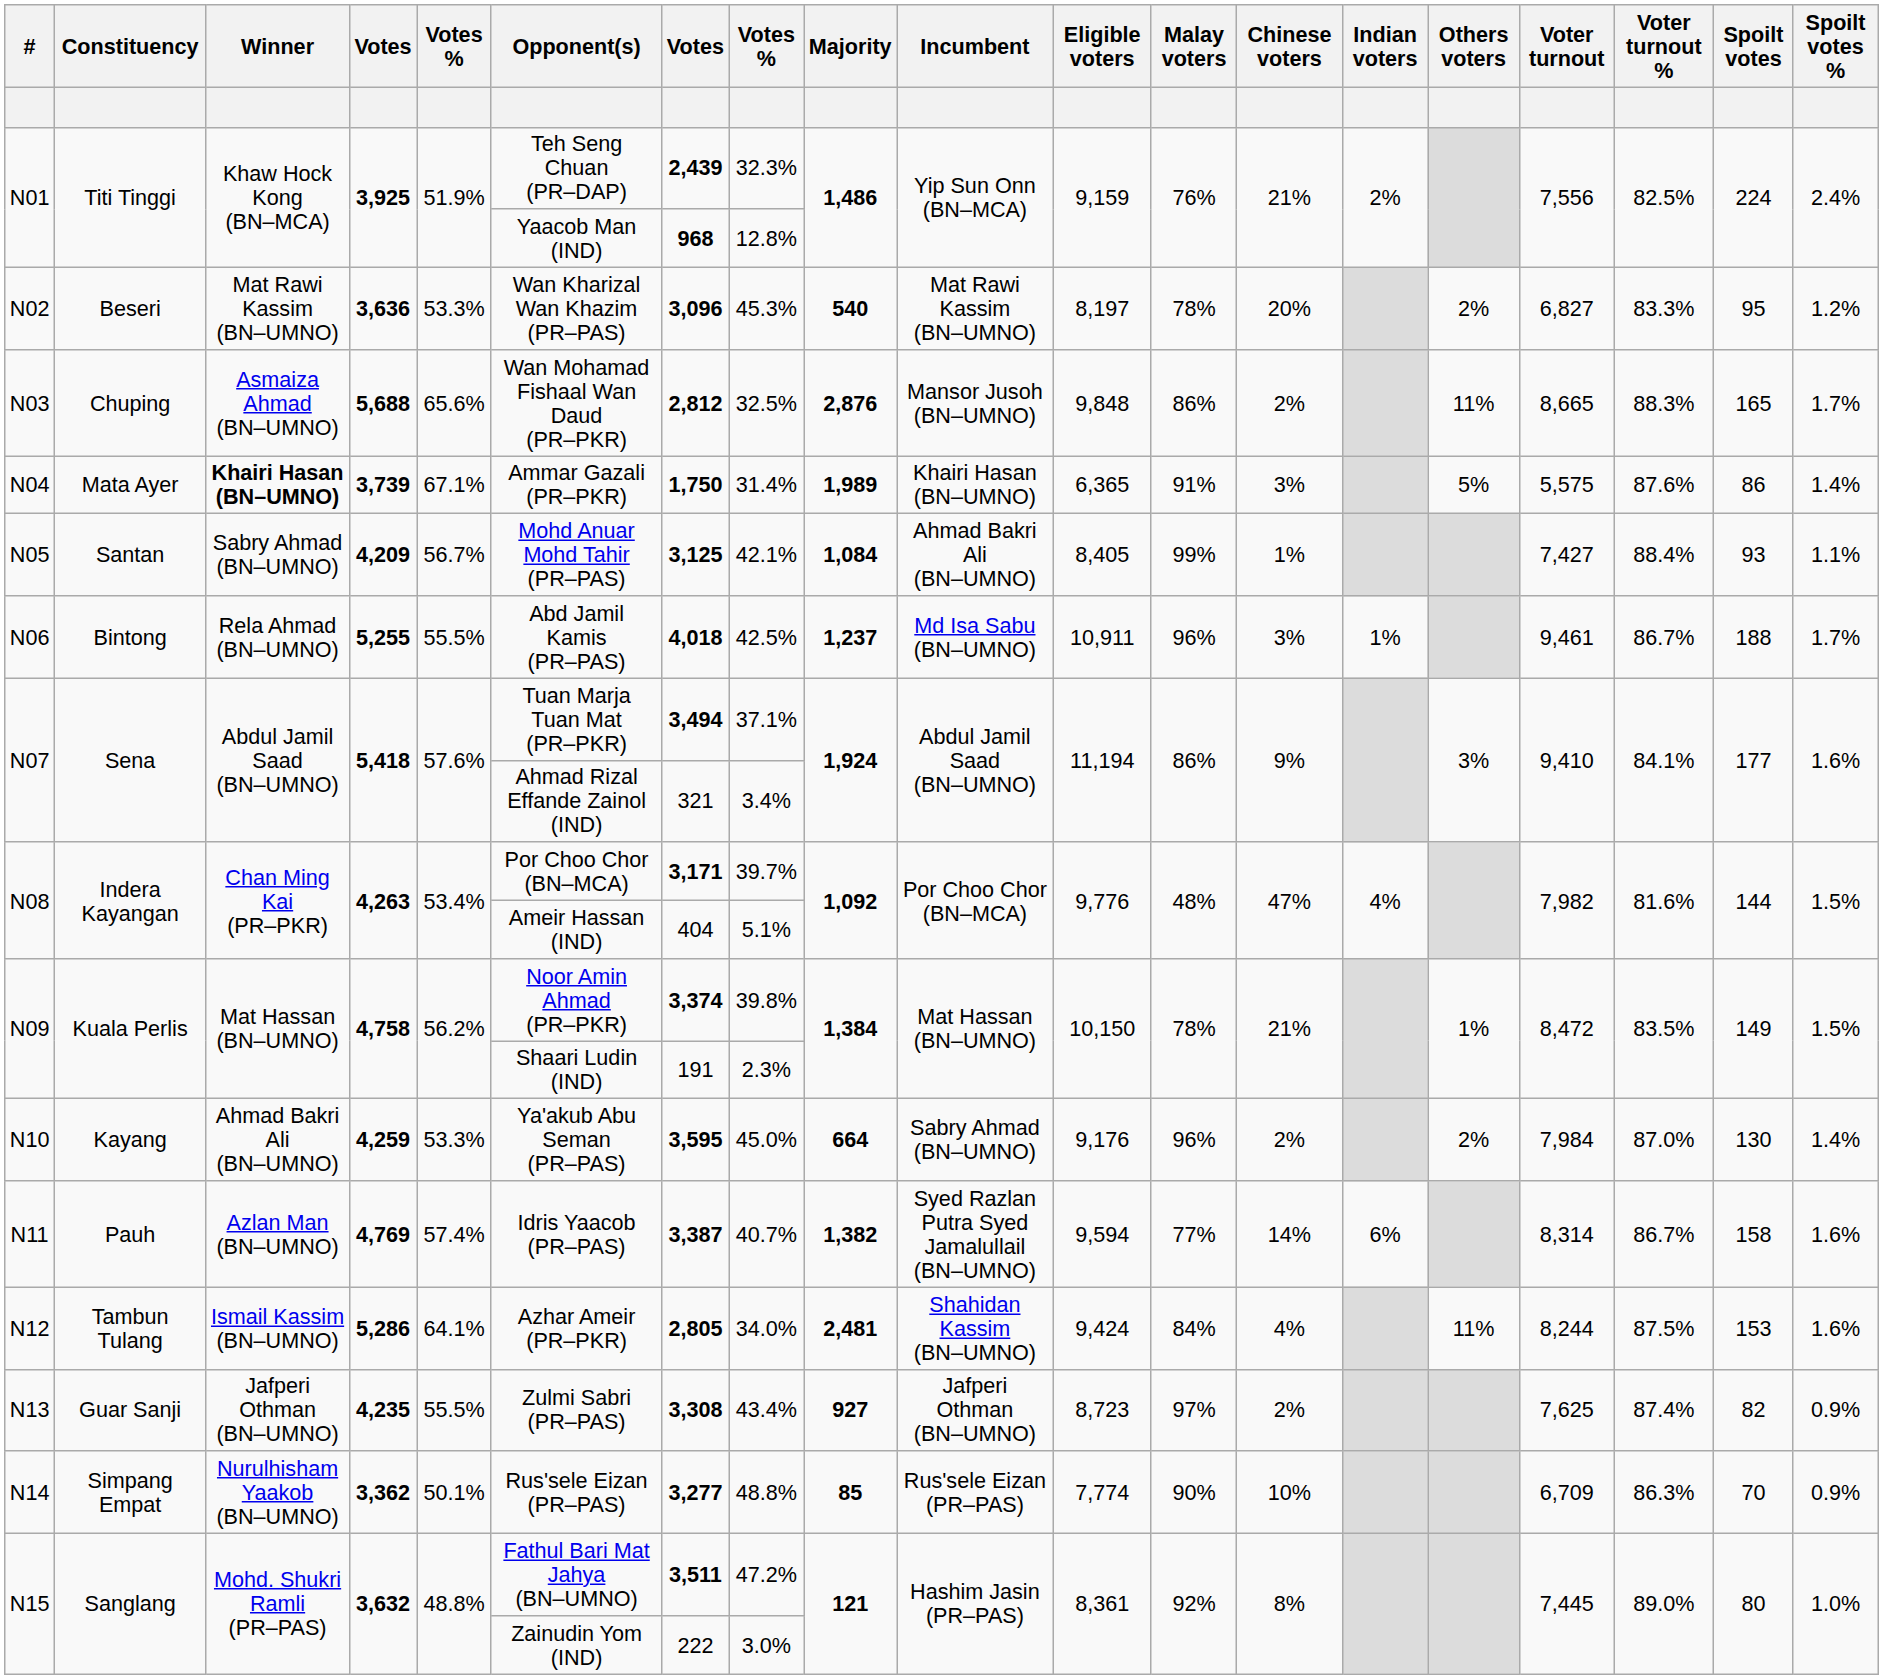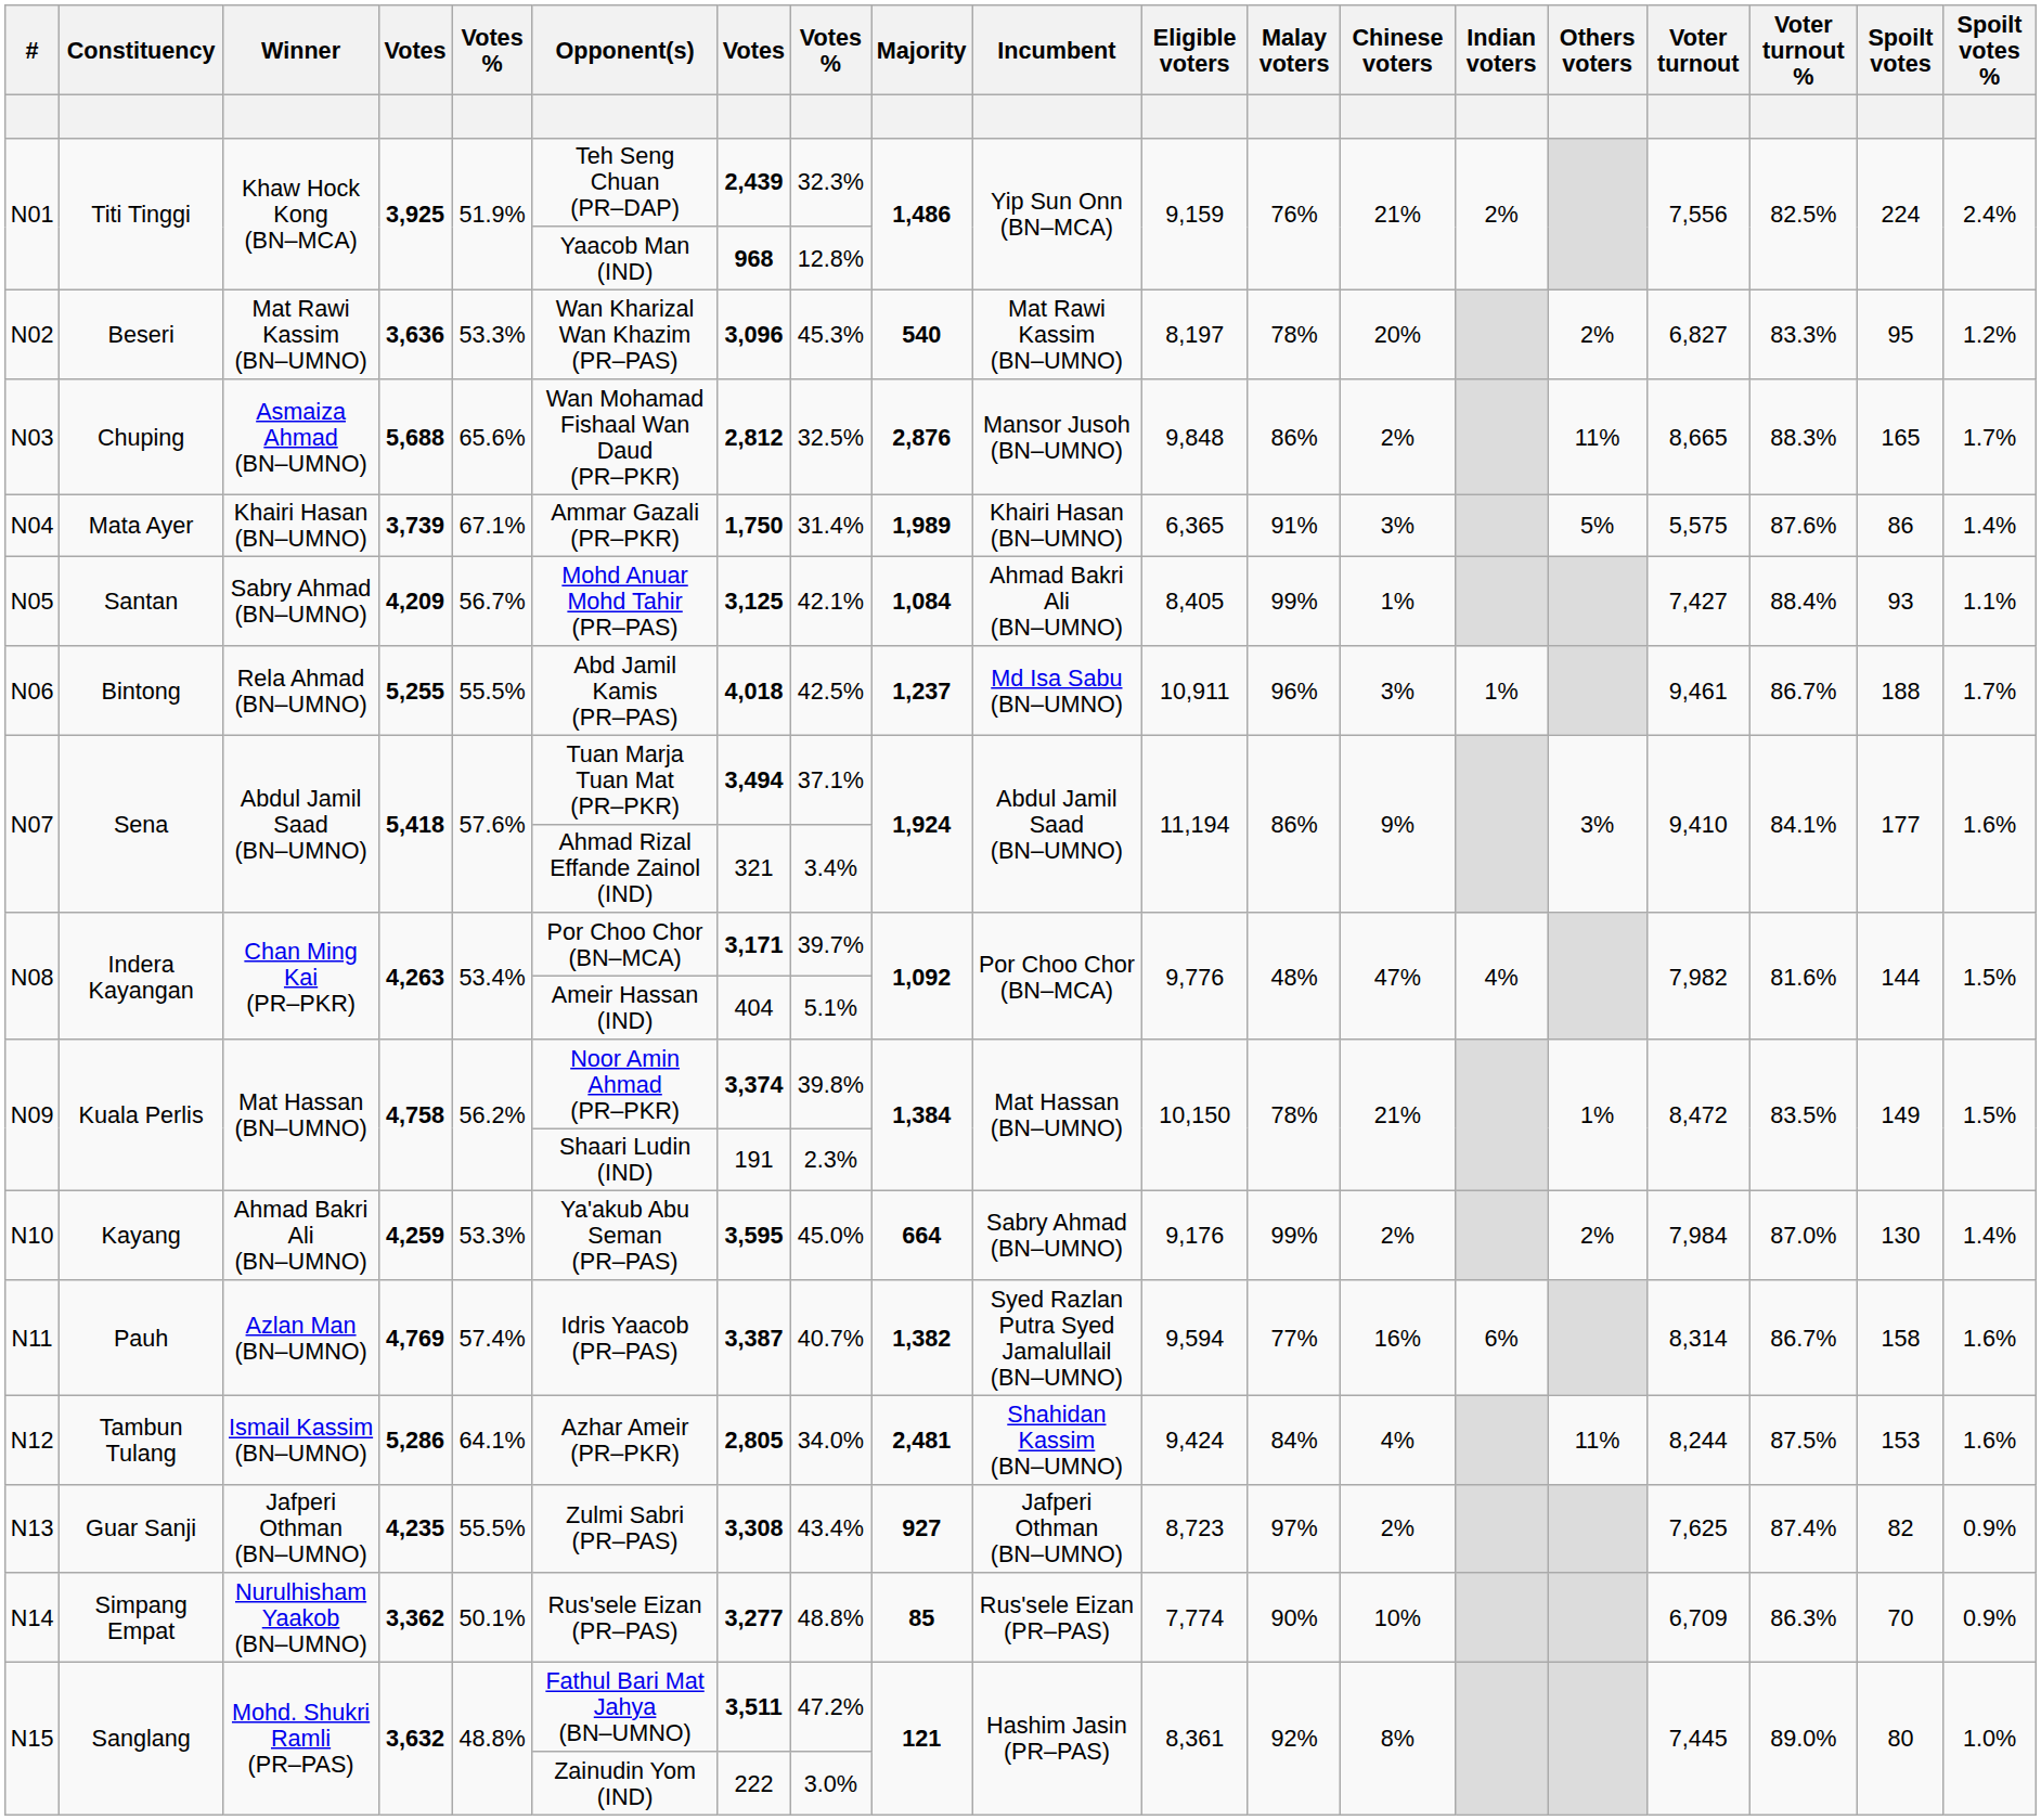 <table class="wikitable sortable" style="text-align:center; font-size:90%">
 <tr>
 <th>#</th>
 <th>Constituency</th>
 <th>Winner</th>
 <th>Votes</th>
 <th>Votes %</th>
 <th>Opponent(s)</th>
 <th>Votes</th>
 <th>Votes %</th>
 <th>Majority</th>
 <th>Incumbent</th>
 <th>Eligible voters</th>
 <th>Malay voters</th>
 <th>Chinese voters</th>
 <th>Indian voters</th>
 <th>Others voters</th>
 <th>Voter turnout</th>
 <th>Voter turnout %</th>
 <th>Spoilt votes</th>
 <th>Spoilt votes %</th>
 </tr>
 <tr>
 <th style="height:20px;"></th>
 <th></th>
 <th></th>
 <th></th>
 <th></th>
 <th></th>
 <th></th>
 <th></th>
 <th></th>
 <th></th>
 <th></th>
 <th></th>
 <th></th>
 <th></th>
 <th></th>
 <th></th>
 <th></th>
 <th></th>
 <th></th>
 </tr>
 <tr>
 <td rowspan="2">N01</td>
 <td rowspan="2">Titi Tinggi</td>
 <td rowspan="2">Khaw Hock Kong<br>(BN–MCA)</td>
 <td rowspan="2"><strong>3,925</strong></td>
 <td rowspan="2">51.9%</td>
 <td>Teh Seng Chuan<br>(PR–DAP)</td>
 <td><strong>2,439</strong></td>
 <td>32.3%</td>
 <td rowspan="2"><strong>1,486</strong></td>
 <td rowspan="2">Yip Sun Onn<br>(BN–MCA)</td>
 <td rowspan="2">9,159</td>
 <td rowspan="2">76%</td>
 <td rowspan="2">21%</td>
 <td rowspan="2">2%</td>
 <td rowspan="2" style="background:#dcdcdc;"></td>
 <td rowspan="2">7,556</td>
 <td rowspan="2">82.5%</td>
 <td rowspan="2">224</td>
 <td rowspan="2">2.4%</td>
 </tr>
 <tr>
 <td>Yaacob Man<br>(IND)</td>
 <td><strong>968</strong></td>
 <td>12.8%</td>
 </tr>
 <tr style="text-align:center;">
 <td>N02</td>
 <td>Beseri</td>
 <td>Mat Rawi Kassim<br>(BN–UMNO)</td>
 <td><strong>3,636</strong></td>
 <td>53.3%</td>
 <td>Wan Kharizal Wan Khazim<br>(PR–PAS)</td>
 <td><strong>3,096</strong></td>
 <td>45.3%</td>
 <td><strong>540</strong></td>
 <td>Mat Rawi Kassim<br>(BN–UMNO)</td>
 <td>8,197</td>
 <td>78%</td>
 <td>20%</td>
 <td style="background:#dcdcdc;"></td>
 <td>2%</td>
 <td>6,827</td>
 <td>83.3%</td>
 <td>95</td>
 <td>1.2%</td>
 </tr>
 <tr style="text-align:center;">
 <td>N03</td>
 <td>Chuping</td>
 <td><a href='#'>Asmaiza Ahmad</a><br>(BN–UMNO)</td>
 <td><strong>5,688</strong></td>
 <td>65.6%</td>
 <td>Wan Mohamad Fishaal Wan Daud<br>(PR–PKR)</td>
 <td><strong>2,812</strong></td>
 <td>32.5%</td>
 <td><strong>2,876</strong></td>
 <td>Mansor Jusoh<br>(BN–UMNO)</td>
 <td>9,848</td>
 <td>86%</td>
 <td>2%</td>
 <td style="background:#dcdcdc;"></td>
 <td>11%</td>
 <td>8,665</td>
 <td>88.3%</td>
 <td>165</td>
 <td>1.7%</td>
 </tr>
 <tr style="text-align:center;">
 <td>N04</td>
 <td>Mata Ayer</td>
-<td><strong>Khairi Hasan<br>(BN–UMNO)</strong></td>
+<td>Khairi Hasan<br>(BN–UMNO)</td>
 <td><strong>3,739</strong></td>
 <td>67.1%</td>
 <td>Ammar Gazali<br>(PR–PKR)</td>
 <td><strong>1,750</strong></td>
 <td>31.4%</td>
 <td><strong>1,989</strong></td>
 <td>Khairi Hasan<br>(BN–UMNO)</td>
 <td>6,365</td>
 <td>91%</td>
 <td>3%</td>
 <td style="background:#dcdcdc;"></td>
 <td>5%</td>
 <td>5,575</td>
 <td>87.6%</td>
 <td>86</td>
 <td>1.4%</td>
 </tr>
 <tr style="text-align:center;">
 <td>N05</td>
 <td>Santan</td>
 <td>Sabry Ahmad<br>(BN–UMNO)</td>
 <td><strong>4,209</strong></td>
 <td>56.7%</td>
 <td><a href='#'>Mohd Anuar Mohd Tahir</a><br>(PR–PAS)</td>
 <td><strong>3,125</strong></td>
 <td>42.1%</td>
 <td><strong>1,084</strong></td>
 <td>Ahmad Bakri Ali<br>(BN–UMNO)</td>
 <td>8,405</td>
 <td>99%</td>
 <td>1%</td>
 <td style="background:#dcdcdc;"></td>
 <td style="background:#dcdcdc;"></td>
 <td>7,427</td>
 <td>88.4%</td>
 <td>93</td>
 <td>1.1%</td>
 </tr>
 <tr style="text-align:center;">
 <td>N06</td>
 <td>Bintong</td>
 <td>Rela Ahmad<br>(BN–UMNO)</td>
 <td><strong>5,255</strong></td>
 <td>55.5%</td>
 <td>Abd Jamil Kamis<br>(PR–PAS)</td>
 <td><strong>4,018</strong></td>
 <td>42.5%</td>
 <td><strong>1,237</strong></td>
 <td><a href='#'>Md Isa Sabu</a><br>(BN–UMNO)</td>
 <td>10,911</td>
 <td>96%</td>
 <td>3%</td>
 <td>1%</td>
 <td style="background:#dcdcdc;"></td>
 <td>9,461</td>
 <td>86.7%</td>
 <td>188</td>
 <td>1.7%</td>
 </tr>
 <tr style="text-align:center;">
 <td rowspan="2">N07</td>
 <td rowspan="2">Sena</td>
 <td rowspan="2">Abdul Jamil Saad<br>(BN–UMNO)</td>
 <td rowspan="2"><strong>5,418</strong></td>
 <td rowspan="2">57.6%</td>
 <td>Tuan Marja Tuan Mat<br>(PR–PKR)</td>
 <td><strong>3,494</strong></td>
 <td>37.1%</td>
 <td rowspan="2"><strong>1,924</strong></td>
 <td rowspan="2">Abdul Jamil Saad<br>(BN–UMNO)</td>
 <td rowspan="2">11,194</td>
 <td rowspan="2">86%</td>
 <td rowspan="2">9%</td>
 <td rowspan="2" style="background:#dcdcdc;"></td>
 <td rowspan="2">3%</td>
 <td rowspan="2">9,410</td>
 <td rowspan="2">84.1%</td>
 <td rowspan="2">177</td>
 <td rowspan="2">1.6%</td>
 </tr>
 <tr>
 <td>Ahmad Rizal Effande Zainol<br>(IND)</td>
 <td>321</td>
 <td>3.4%</td>
 </tr>
 <tr style="text-align:center;">
 <td rowspan="2">N08</td>
 <td rowspan="2">Indera Kayangan</td>
 <td rowspan="2"><a href='#'>Chan Ming Kai</a><br>(PR–PKR)</td>
 <td rowspan="2"><strong>4,263</strong></td>
 <td rowspan="2">53.4%</td>
 <td>Por Choo Chor<br>(BN–MCA)</td>
 <td><strong>3,171</strong></td>
 <td>39.7%</td>
 <td rowspan="2"><strong>1,092</strong></td>
 <td rowspan="2">Por Choo Chor<br>(BN–MCA)</td>
 <td rowspan="2">9,776</td>
 <td rowspan="2">48%</td>
 <td rowspan="2">47%</td>
 <td rowspan="2">4%</td>
 <td rowspan="2" style="background:#dcdcdc;"></td>
 <td rowspan="2">7,982</td>
 <td rowspan="2">81.6%</td>
 <td rowspan="2">144</td>
 <td rowspan="2">1.5%</td>
 </tr>
 <tr>
 <td>Ameir Hassan<br>(IND)</td>
 <td>404</td>
 <td>5.1%</td>
 </tr>
 <tr style="text-align:center;">
 <td rowspan="2">N09</td>
 <td rowspan="2">Kuala Perlis</td>
 <td rowspan="2">Mat Hassan<br>(BN–UMNO)</td>
 <td rowspan="2"><strong>4,758</strong></td>
 <td rowspan="2">56.2%</td>
 <td><a href='#'>Noor Amin Ahmad</a><br>(PR–PKR)</td>
 <td><strong>3,374</strong></td>
 <td>39.8%</td>
 <td rowspan="2"><strong>1,384</strong></td>
 <td rowspan="2">Mat Hassan<br>(BN–UMNO)</td>
 <td rowspan="2">10,150</td>
 <td rowspan="2">78%</td>
 <td rowspan="2">21%</td>
 <td rowspan="2" style="background:#dcdcdc;"></td>
 <td rowspan="2">1%</td>
 <td rowspan="2">8,472</td>
 <td rowspan="2">83.5%</td>
 <td rowspan="2">149</td>
 <td rowspan="2">1.5%</td>
 </tr>
 <tr>
 <td>Shaari Ludin<br>(IND)</td>
 <td>191</td>
 <td>2.3%</td>
 </tr>
 <tr style="text-align:center;">
 <td>N10</td>
 <td>Kayang</td>
 <td>Ahmad Bakri Ali<br>(BN–UMNO)</td>
 <td><strong>4,259</strong></td>
 <td>53.3%</td>
 <td>Ya'akub Abu Seman<br>(PR–PAS)</td>
 <td><strong>3,595</strong></td>
 <td>45.0%</td>
 <td><strong>664</strong></td>
 <td>Sabry Ahmad<br>(BN–UMNO)</td>
 <td>9,176</td>
-<td>96%</td>
+<td>99%</td>
 <td>2%</td>
 <td style="background:#dcdcdc;"></td>
 <td>2%</td>
 <td>7,984</td>
 <td>87.0%</td>
 <td>130</td>
 <td>1.4%</td>
 </tr>
 <tr style="text-align:center;">
 <td>N11</td>
 <td>Pauh</td>
 <td><a href='#'>Azlan Man</a><br>(BN–UMNO)</td>
 <td><strong>4,769</strong></td>
 <td>57.4%</td>
 <td>Idris Yaacob<br>(PR–PAS)</td>
 <td><strong>3,387</strong></td>
 <td>40.7%</td>
 <td><strong>1,382</strong></td>
 <td>Syed Razlan Putra Syed Jamalullail<br>(BN–UMNO)</td>
 <td>9,594</td>
 <td>77%</td>
-<td>14%</td>
+<td>16%</td>
 <td>6%</td>
 <td style="background:#dcdcdc;"></td>
 <td>8,314</td>
 <td>86.7%</td>
 <td>158</td>
 <td>1.6%</td>
 </tr>
 <tr style="text-align:center;">
 <td>N12</td>
 <td>Tambun Tulang</td>
 <td><a href='#'>Ismail Kassim</a><br>(BN–UMNO)</td>
 <td><strong>5,286</strong></td>
 <td>64.1%</td>
 <td>Azhar Ameir<br>(PR–PKR)</td>
 <td><strong>2,805</strong></td>
 <td>34.0%</td>
 <td><strong>2,481</strong></td>
 <td><a href='#'>Shahidan Kassim</a><br>(BN–UMNO)</td>
 <td>9,424</td>
 <td>84%</td>
 <td>4%</td>
 <td style="background:#dcdcdc;"></td>
 <td>11%</td>
 <td>8,244</td>
 <td>87.5%</td>
 <td>153</td>
 <td>1.6%</td>
 </tr>
 <tr style="text-align:center;">
 <td>N13</td>
 <td>Guar Sanji</td>
 <td>Jafperi Othman<br>(BN–UMNO)</td>
 <td><strong>4,235</strong></td>
 <td>55.5%</td>
 <td>Zulmi Sabri<br>(PR–PAS)</td>
 <td><strong>3,308</strong></td>
 <td>43.4%</td>
 <td><strong>927</strong></td>
 <td>Jafperi Othman<br>(BN–UMNO)</td>
 <td>8,723</td>
 <td>97%</td>
 <td>2%</td>
 <td style="background:#dcdcdc;"></td>
 <td style="background:#dcdcdc;"></td>
 <td>7,625</td>
 <td>87.4%</td>
 <td>82</td>
 <td>0.9%</td>
 </tr>
 <tr style="text-align:center;">
 <td>N14</td>
 <td>Simpang Empat</td>
 <td><a href='#'>Nurulhisham Yaakob</a><br>(BN–UMNO)</td>
 <td><strong>3,362</strong></td>
 <td>50.1%</td>
 <td>Rus'sele Eizan<br>(PR–PAS)</td>
 <td><strong>3,277</strong></td>
 <td>48.8%</td>
 <td><strong>85</strong></td>
 <td>Rus'sele Eizan<br>(PR–PAS)</td>
 <td>7,774</td>
 <td>90%</td>
 <td>10%</td>
 <td style="background:#dcdcdc;"></td>
 <td style="background:#dcdcdc;"></td>
 <td>6,709</td>
 <td>86.3%</td>
 <td>70</td>
 <td>0.9%</td>
 </tr>
 <tr style="text-align:center;">
 <td rowspan="2">N15</td>
 <td rowspan="2">Sanglang</td>
 <td rowspan="2"><a href='#'>Mohd. Shukri Ramli</a><br>(PR–PAS)</td>
 <td rowspan="2"><strong>3,632</strong></td>
 <td rowspan="2">48.8%</td>
 <td><a href='#'>Fathul Bari Mat Jahya</a><br>(BN–UMNO)</td>
 <td><strong>3,511</strong></td>
 <td>47.2%</td>
 <td rowspan="2"><strong>121</strong></td>
 <td rowspan="2">Hashim Jasin<br>(PR–PAS)</td>
 <td rowspan="2">8,361</td>
 <td rowspan="2">92%</td>
 <td rowspan="2">8%</td>
 <td rowspan="2" style="background:#dcdcdc;"></td>
 <td rowspan="2" style="background:#dcdcdc;"></td>
 <td rowspan="2">7,445</td>
 <td rowspan="2">89.0%</td>
 <td rowspan="2">80</td>
 <td rowspan="2">1.0%</td>
 </tr>
 <tr>
 <td>Zainudin Yom<br>(IND)</td>
 <td>222</td>
 <td>3.0%</td>
 </tr>
 </table>
